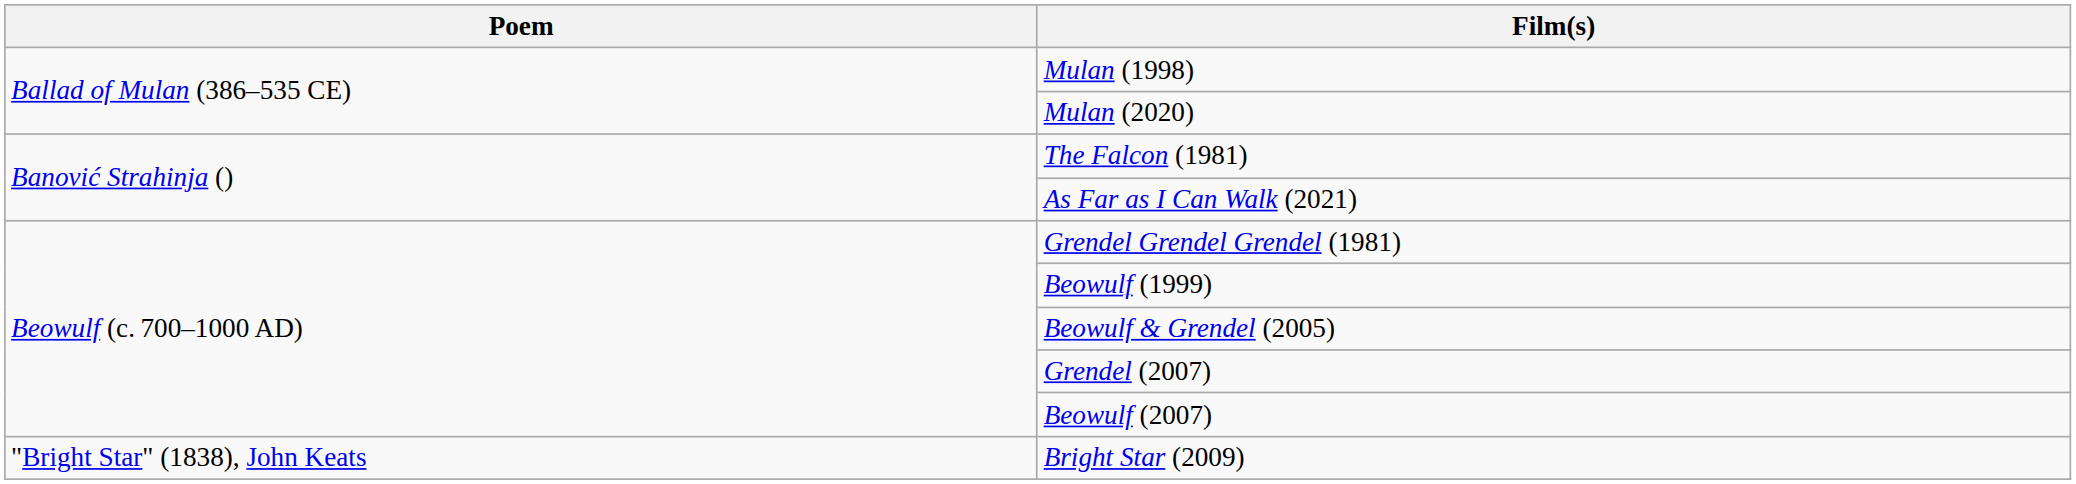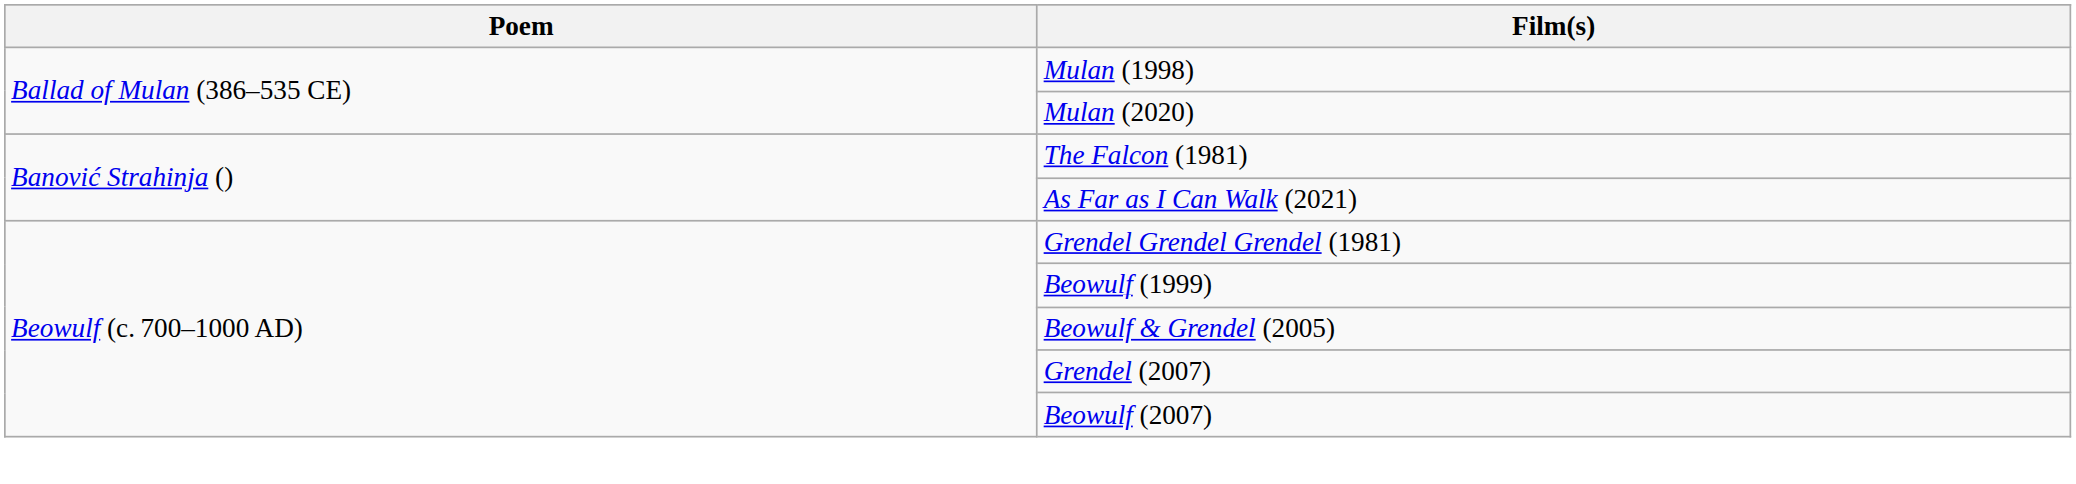 <table class="wikitable">
 <tr>
 <th width="600">Poem</th>
 <th width="600">Film(s)</th>
 </tr>
 <tr>
 <td rowspan="2"><em><a href='#'>Ballad of Mulan</a></em> (386–535 CE)</td>
 <td><em><a href='#'>Mulan</a></em> (1998)</td>
 </tr>
 <tr>
 <td><em><a href='#'>Mulan</a></em> (2020)</td>
 </tr>
 <tr>
 <td rowspan="2"><em><a href='#'>Banović Strahinja</a></em> ()</td>
 <td><em><a href='#'>The Falcon</a></em> (1981)</td>
 </tr>
 <tr>
 <td><em><a href='#'>As Far as I Can Walk</a></em> (2021)</td>
 </tr>
 <tr>
 <td rowspan="5"><em><a href='#'>Beowulf</a></em>  (c. 700–1000 AD)</td>
 <td><em><a href='#'>Grendel Grendel Grendel</a></em> (1981)</td>
 </tr>
 <tr>
 <td><em><a href='#'>Beowulf</a></em> (1999)</td>
 </tr>
 <tr>
 <td><em><a href='#'>Beowulf & Grendel</a></em> (2005)</td>
 </tr>
 <tr>
 <td><em><a href='#'>Grendel</a></em> (2007)</td>
 </tr>
 <tr>
 <td><em><a href='#'>Beowulf</a></em> (2007)</td>
 </tr>
-<tr>
-<td>"<a href='#'>Bright Star</a>" (1838), <a href='#'>John Keats</a></td>
-<td><em><a href='#'>Bright Star</a></em> (2009)</td>
-</tr>
 </table>
